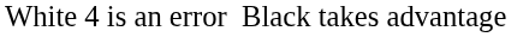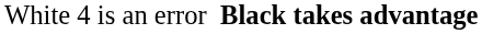 <table border="0" cellspacing="0" cellpadding="0">
 <tr valign="top">
 <td><br></td>
 <td>  </td>
 <td><br></td>
 </tr>
 <tr valign="top">
 <td>White 4 is an error</td>
 <td>  </td>
-<td>Black takes advantage</td>
+<td><strong>Black takes advantage</strong></td>
 </tr>
 </table>
